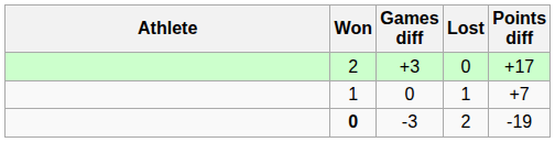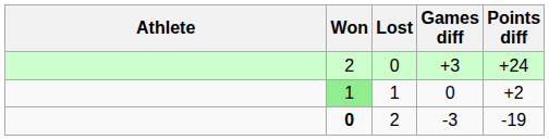 <table class="wikitable">
 <tr>
 <th style="width:18em">Athlete</th>
 <th>Won</th>
+<th>Lost</th>
 <th>Games<br>diff</th>
-<th>Lost</th>
 <th>Points<br>diff</th>
 </tr>
 <tr bgcolor=ccffcc>
 <td></td>
 <td align="center">2</td>
+<td align="center">0</td>
 <td align="center">+3</td>
-<td align="center">0</td>
-<td align="center">+17</td>
+<td align="center">+24</td>
 </tr>
 <tr>
 <td></td>
+<td align="center" style="background: lightgreen;">1</td>
 <td align="center">1</td>
 <td align="center">0</td>
-<td align="center">1</td>
-<td align="center">+7</td>
+<td align="center">+2</td>
 </tr>
 <tr>
 <td></td>
 <td align="center"><strong>0</strong></td>
+<td align="center">2</td>
 <td align="center">-3</td>
-<td align="center">2</td>
 <td align="center">-19</td>
 </tr>
 </table>
